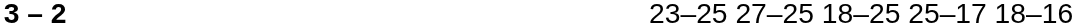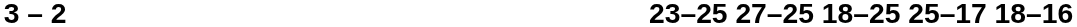 <table width=100% cellspacing=1>
 <tr>
 <th width=20%></th>
 <th width=12%></th>
 <th width=20%></th>
 <th width=33%></th>
 <td></td>
 </tr>
 <tr style=font-size:95%>
 <td align=right><strong></strong></td>
 <td align=center><strong>3 – 2</strong></td>
 <td></td>
-<td>23–25 27–25 18–25 25–17 18–16</td>
+<td><strong>23–25 27–25 18–25 25–17 18–16</strong></td>
 </tr>
 </table>
